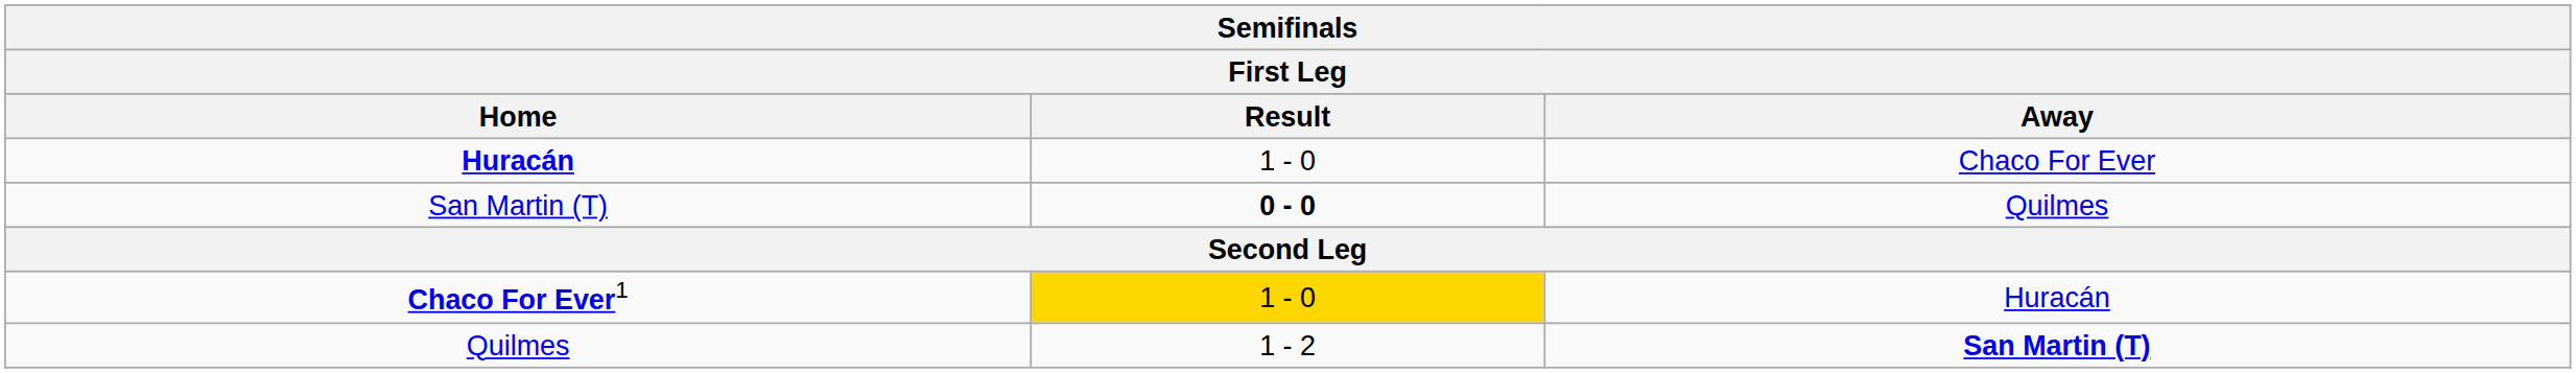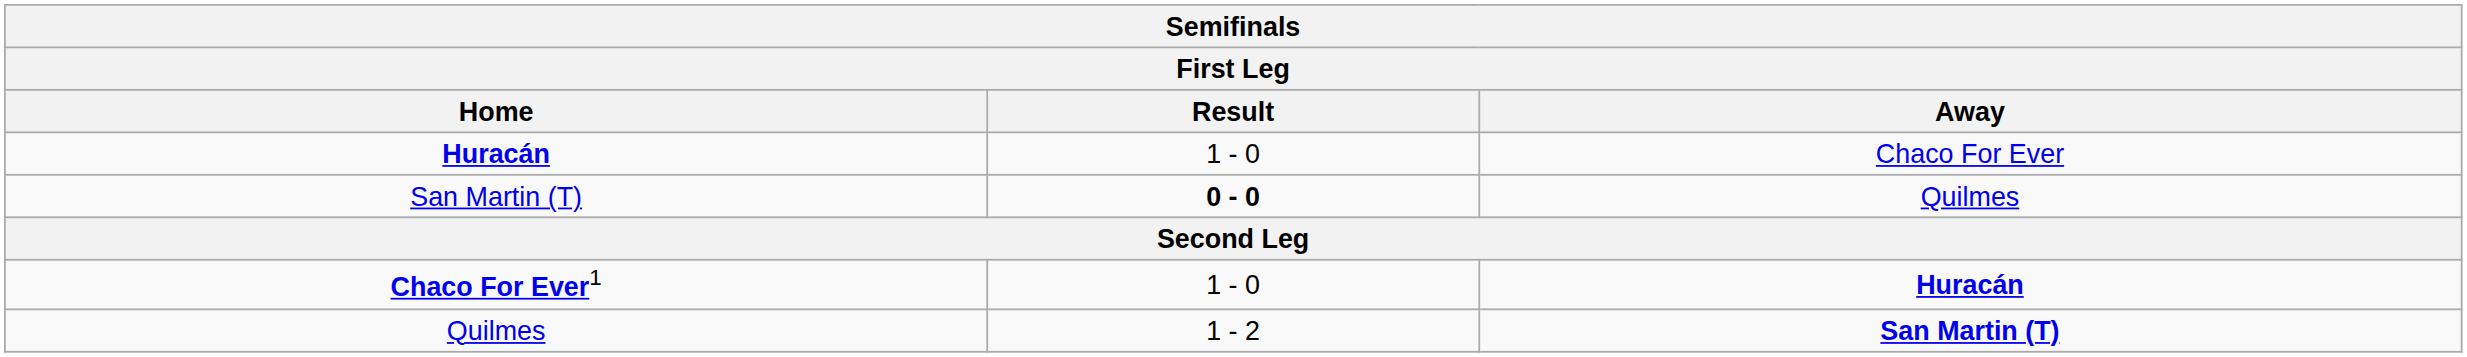 <table align=center class="wikitable collapsible collapsed" style="font-size:95%; text-align: center; width: 70%;">
 <tr>
 <th colspan=100% style="with: 100%;" align=center>Semifinals</th>
 </tr>
 <tr>
 <th colspan=100% style="with: 75%;" align=center>First Leg</th>
 </tr>
 <tr>
 <th width=30%>Home</th>
 <th width=15%>Result</th>
 <th width=30%>Away</th>
 </tr>
 <tr align=center>
 <td><strong><a href='#'>Huracán</a></strong></td>
 <td>1 - 0</td>
 <td><a href='#'>Chaco For Ever</a></td>
 </tr>
 <tr align=center>
 <td><a href='#'>San Martin (T)</a></td>
 <td><strong>0 - 0</strong></td>
 <td><a href='#'>Quilmes</a></td>
 </tr>
 <tr>
 <th colspan="100%"  style="with:75%; text-align:center;">Second Leg</th>
 </tr>
 <tr align=center>
 <td><strong><a href='#'>Chaco For Ever</a></strong><sup>1</sup></td>
-<td style="background: gold;">1 - 0</td>
-<td><a href='#'>Huracán</a></td>
+<td>1 - 0</td>
+<td><strong><a href='#'>Huracán</a></strong></td>
 </tr>
 <tr align=center>
 <td><a href='#'>Quilmes</a></td>
 <td>1 - 2</td>
 <td><strong><a href='#'>San Martin (T)</a></strong></td>
 </tr>
 </table>
